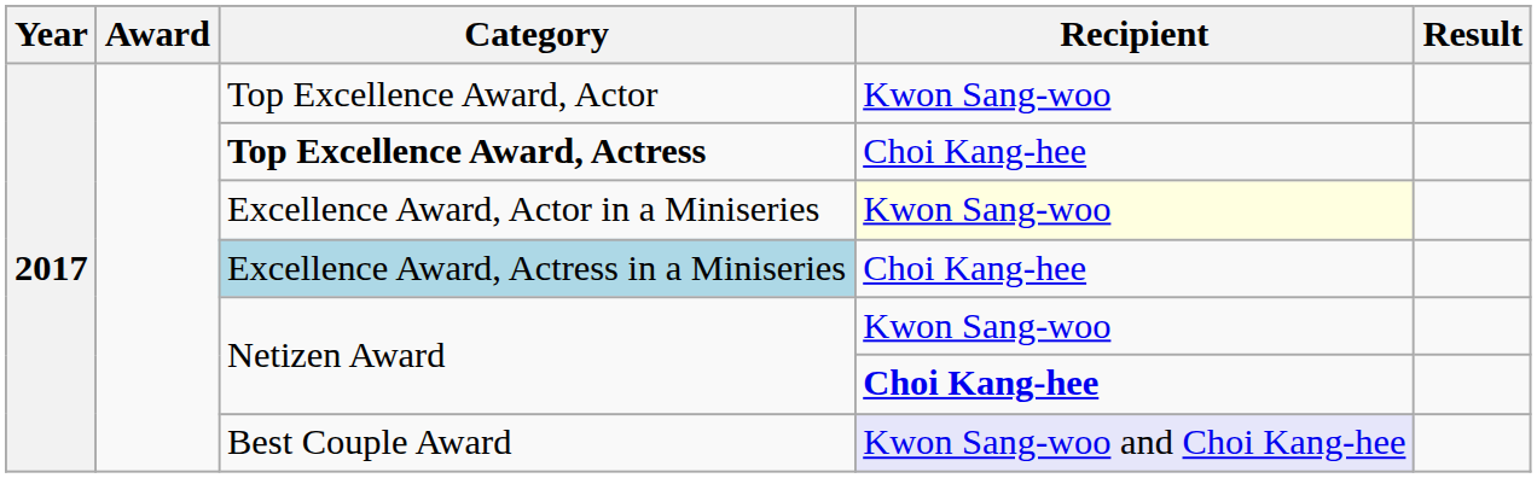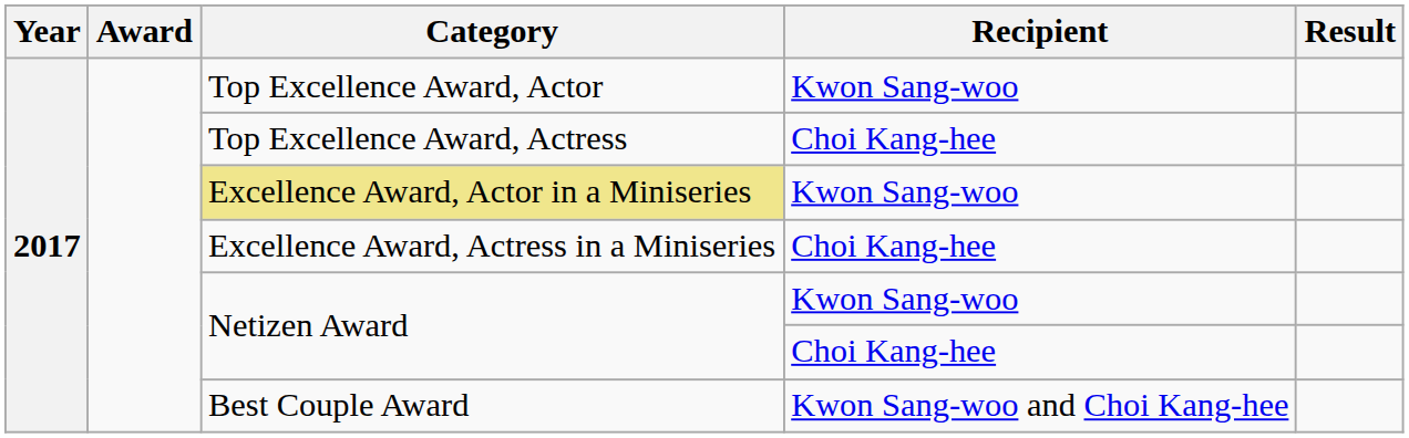 <table class="wikitable">
 <tr>
 <th>Year</th>
 <th>Award</th>
 <th>Category</th>
 <th>Recipient</th>
 <th>Result</th>
 </tr>
 <tr>
 <th rowspan="7">2017</th>
 <td rowspan="7"></td>
 <td>Top Excellence Award, Actor</td>
 <td><a href='#'>Kwon Sang-woo</a></td>
 <td></td>
 </tr>
 <tr>
-<td><strong>Top Excellence Award, Actress</strong></td>
+<td>Top Excellence Award, Actress</td>
 <td><a href='#'>Choi Kang-hee</a></td>
 <td></td>
 </tr>
 <tr>
-<td>Excellence Award, Actor in a Miniseries</td>
-<td style="background: lightyellow;"><a href='#'>Kwon Sang-woo</a></td>
+<td style="background: khaki;">Excellence Award, Actor in a Miniseries</td>
+<td><a href='#'>Kwon Sang-woo</a></td>
 <td></td>
 </tr>
 <tr>
-<td style="background: lightblue;">Excellence Award, Actress in a Miniseries</td>
+<td>Excellence Award, Actress in a Miniseries</td>
 <td><a href='#'>Choi Kang-hee</a></td>
 <td></td>
 </tr>
 <tr>
 <td rowspan=2>Netizen Award</td>
 <td><a href='#'>Kwon Sang-woo</a></td>
 <td></td>
 </tr>
 <tr>
-<td><strong><a href='#'>Choi Kang-hee</a></strong></td>
+<td><a href='#'>Choi Kang-hee</a></td>
 <td></td>
 </tr>
 <tr>
 <td>Best Couple Award</td>
-<td style="background: lavender;"><a href='#'>Kwon Sang-woo</a> and <a href='#'>Choi Kang-hee</a></td>
+<td><a href='#'>Kwon Sang-woo</a> and <a href='#'>Choi Kang-hee</a></td>
 <td></td>
 </tr>
 </table>
